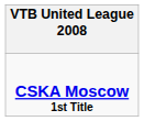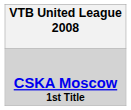 <table class="wikitable" style="margin: 0 auto; width: 15%;">
 <tr>
 <th><big>VTB United League 2008</big><br><br></th>
 </tr>
 <tr>
-<td align=center><br><br><big><big><strong><a href='#'>CSKA Moscow</a></strong><br></big></big><strong>1st Title</strong></td>
+<td align=center style="background: lightgrey;"><br><br><big><big><strong><a href='#'>CSKA Moscow</a></strong><br></big></big><strong>1st Title</strong></td>
 </tr>
 </table>
